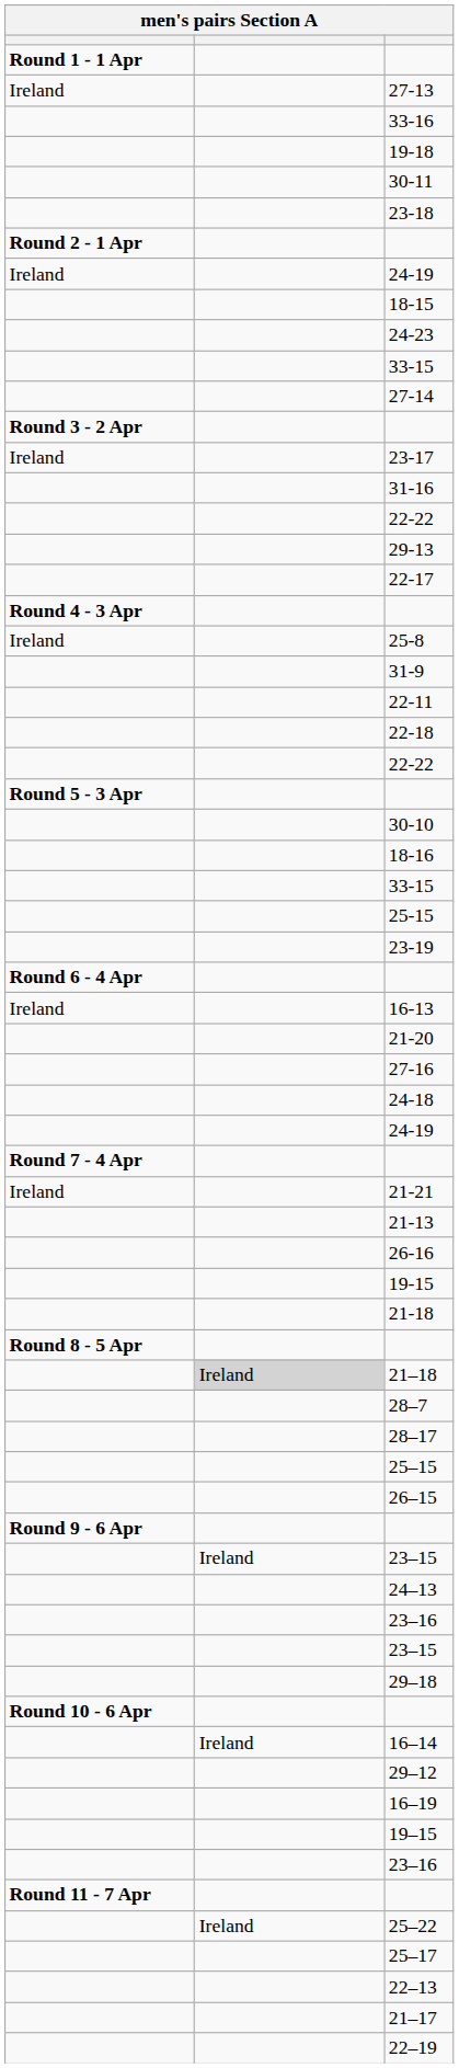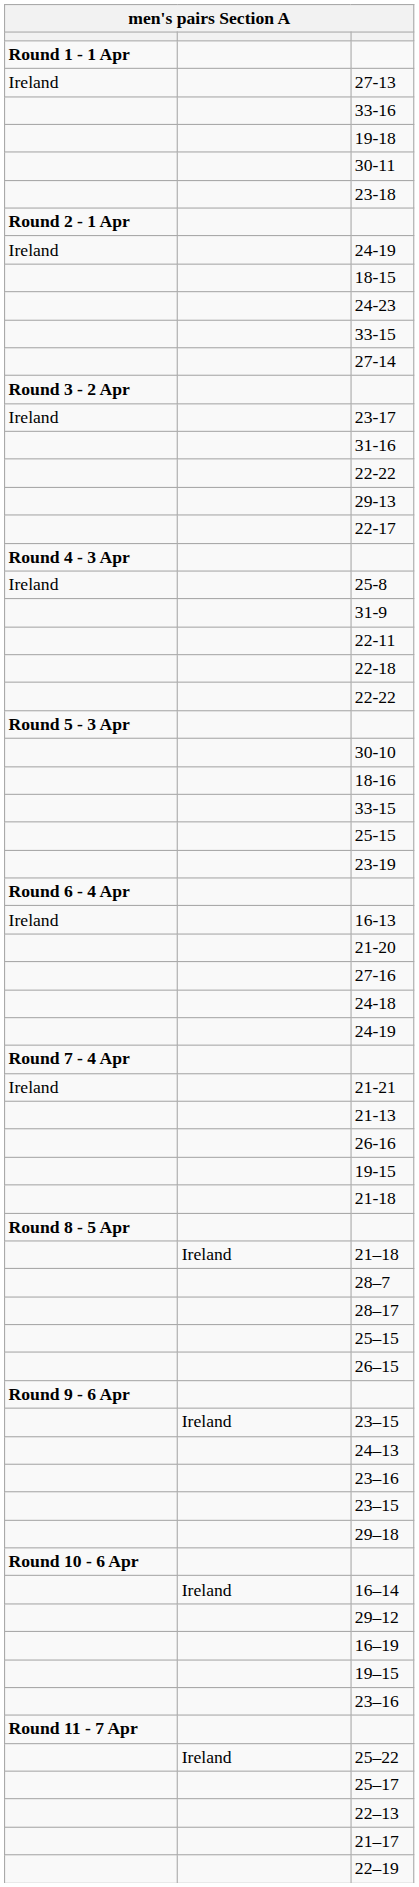 <table class="wikitable">
 <tr>
 <th colspan="3">men's pairs Section A</th>
 </tr>
 <tr>
 <th width=150></th>
 <th width=150></th>
 <th width=50></th>
 </tr>
 <tr>
 <td><strong>Round 1 - 1 Apr</strong></td>
 <td></td>
 <td></td>
 </tr>
 <tr>
 <td> Ireland</td>
 <td></td>
 <td>27-13</td>
 </tr>
 <tr>
 <td></td>
 <td></td>
 <td>33-16</td>
 </tr>
 <tr>
 <td></td>
 <td></td>
 <td>19-18</td>
 </tr>
 <tr>
 <td></td>
 <td></td>
 <td>30-11</td>
 </tr>
 <tr>
 <td></td>
 <td></td>
 <td>23-18</td>
 </tr>
 <tr>
 <td><strong>Round 2 - 1 Apr</strong></td>
 <td></td>
 <td></td>
 </tr>
 <tr>
 <td> Ireland</td>
 <td></td>
 <td>24-19</td>
 </tr>
 <tr>
 <td></td>
 <td></td>
 <td>18-15</td>
 </tr>
 <tr>
 <td></td>
 <td></td>
 <td>24-23</td>
 </tr>
 <tr>
 <td></td>
 <td></td>
 <td>33-15</td>
 </tr>
 <tr>
 <td></td>
 <td></td>
 <td>27-14</td>
 </tr>
 <tr>
 <td><strong>Round 3 - 2 Apr</strong></td>
 <td></td>
 <td></td>
 </tr>
 <tr>
 <td> Ireland</td>
 <td></td>
 <td>23-17</td>
 </tr>
 <tr>
 <td></td>
 <td></td>
 <td>31-16</td>
 </tr>
 <tr>
 <td></td>
 <td></td>
 <td>22-22</td>
 </tr>
 <tr>
 <td></td>
 <td></td>
 <td>29-13</td>
 </tr>
 <tr>
 <td></td>
 <td></td>
 <td>22-17</td>
 </tr>
 <tr>
 <td><strong>Round 4 - 3 Apr</strong></td>
 <td></td>
 <td></td>
 </tr>
 <tr>
 <td> Ireland</td>
 <td></td>
 <td>25-8</td>
 </tr>
 <tr>
 <td></td>
 <td></td>
 <td>31-9</td>
 </tr>
 <tr>
 <td></td>
 <td></td>
 <td>22-11</td>
 </tr>
 <tr>
 <td></td>
 <td></td>
 <td>22-18</td>
 </tr>
 <tr>
 <td></td>
 <td></td>
 <td>22-22</td>
 </tr>
 <tr>
 <td><strong>Round 5 - 3 Apr</strong></td>
 <td></td>
 <td></td>
 </tr>
 <tr>
 <td></td>
 <td></td>
 <td>30-10</td>
 </tr>
 <tr>
 <td></td>
 <td></td>
 <td>18-16</td>
 </tr>
 <tr>
 <td></td>
 <td></td>
 <td>33-15</td>
 </tr>
 <tr>
 <td></td>
 <td></td>
 <td>25-15</td>
 </tr>
 <tr>
 <td></td>
 <td></td>
 <td>23-19</td>
 </tr>
 <tr>
 <td><strong>Round 6  - 4 Apr</strong></td>
 <td></td>
 <td></td>
 </tr>
 <tr>
 <td> Ireland</td>
 <td></td>
 <td>16-13</td>
 </tr>
 <tr>
 <td></td>
 <td></td>
 <td>21-20</td>
 </tr>
 <tr>
 <td></td>
 <td></td>
 <td>27-16</td>
 </tr>
 <tr>
 <td></td>
 <td></td>
 <td>24-18</td>
 </tr>
 <tr>
 <td></td>
 <td></td>
 <td>24-19</td>
 </tr>
 <tr>
 <td><strong>Round 7 - 4 Apr</strong></td>
 <td></td>
 <td></td>
 </tr>
 <tr>
 <td> Ireland</td>
 <td></td>
 <td>21-21</td>
 </tr>
 <tr>
 <td></td>
 <td></td>
 <td>21-13</td>
 </tr>
 <tr>
 <td></td>
 <td></td>
 <td>26-16</td>
 </tr>
 <tr>
 <td></td>
 <td></td>
 <td>19-15</td>
 </tr>
 <tr>
 <td></td>
 <td></td>
 <td>21-18</td>
 </tr>
 <tr>
 <td><strong>Round 8 - 5 Apr</strong></td>
 <td></td>
 <td></td>
 </tr>
 <tr>
 <td></td>
-<td style="background: lightgrey;"> Ireland</td>
+<td> Ireland</td>
 <td>21–18</td>
 </tr>
 <tr>
 <td></td>
 <td></td>
 <td>28–7</td>
 </tr>
 <tr>
 <td></td>
 <td></td>
 <td>28–17</td>
 </tr>
 <tr>
 <td></td>
 <td></td>
 <td>25–15</td>
 </tr>
 <tr>
 <td></td>
 <td></td>
 <td>26–15</td>
 </tr>
 <tr>
 <td><strong>Round 9 - 6 Apr</strong></td>
 <td></td>
 <td></td>
 </tr>
 <tr>
 <td></td>
 <td> Ireland</td>
 <td>23–15</td>
 </tr>
 <tr>
 <td></td>
 <td></td>
 <td>24–13</td>
 </tr>
 <tr>
 <td></td>
 <td></td>
 <td>23–16</td>
 </tr>
 <tr>
 <td></td>
 <td></td>
 <td>23–15</td>
 </tr>
 <tr>
 <td></td>
 <td></td>
 <td>29–18</td>
 </tr>
 <tr>
 <td><strong>Round 10 - 6 Apr</strong></td>
 <td></td>
 <td></td>
 </tr>
 <tr>
 <td></td>
 <td> Ireland</td>
 <td>16–14</td>
 </tr>
 <tr>
 <td></td>
 <td></td>
 <td>29–12</td>
 </tr>
 <tr>
 <td></td>
 <td></td>
 <td>16–19</td>
 </tr>
 <tr>
 <td></td>
 <td></td>
 <td>19–15</td>
 </tr>
 <tr>
 <td></td>
 <td></td>
 <td>23–16</td>
 </tr>
 <tr>
 <td><strong>Round 11 - 7 Apr</strong></td>
 <td></td>
 <td></td>
 </tr>
 <tr>
 <td></td>
 <td> Ireland</td>
 <td>25–22</td>
 </tr>
 <tr>
 <td></td>
 <td></td>
 <td>25–17</td>
 </tr>
 <tr>
 <td></td>
 <td></td>
 <td>22–13</td>
 </tr>
 <tr>
 <td></td>
 <td></td>
 <td>21–17</td>
 </tr>
 <tr>
 <td></td>
 <td></td>
 <td>22–19</td>
 </tr>
 </table>
